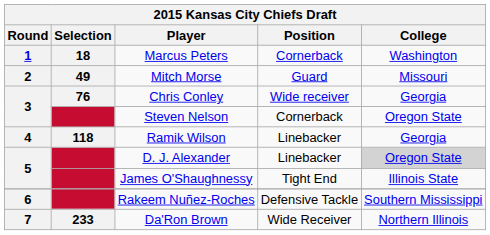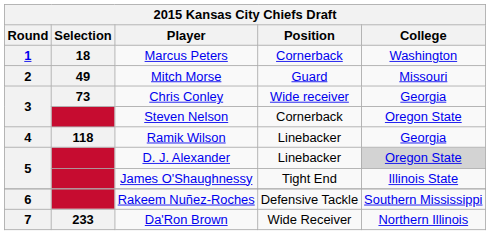 <table class="wikitable" style="font-size: 95%; text-align: center;">
 <tr>
 <th colspan=5>2015 Kansas City Chiefs Draft</th>
 </tr>
 <tr>
 <th>Round</th>
 <th>Selection</th>
 <th>Player</th>
 <th>Position</th>
 <th>College</th>
 </tr>
 <tr>
 <th><a href='#'>1</a></th>
 <th>18</th>
 <td><a href='#'>Marcus Peters</a></td>
 <td><a href='#'>Cornerback</a></td>
 <td><a href='#'>Washington</a></td>
 </tr>
 <tr>
 <th>2</th>
 <th>49</th>
 <td><a href='#'>Mitch Morse</a></td>
 <td><a href='#'>Guard</a></td>
 <td><a href='#'>Missouri</a></td>
 </tr>
 <tr>
 <th rowspan=2>3</th>
-<th>76</th>
+<th>73</th>
 <td><a href='#'>Chris Conley</a></td>
 <td><a href='#'>Wide receiver</a></td>
 <td><a href='#'>Georgia</a></td>
 </tr>
 <tr>
 <th style="background:#c60c30;"></th>
 <td><a href='#'>Steven Nelson</a></td>
 <td>Cornerback</td>
 <td><a href='#'>Oregon State</a></td>
 </tr>
 <tr>
 <th>4</th>
 <th>118</th>
 <td><a href='#'>Ramik Wilson</a></td>
 <td>Linebacker</td>
 <td><a href='#'>Georgia</a></td>
 </tr>
 <tr>
 <th rowspan=2>5</th>
 <th style="background:#c60c30;"></th>
 <td><a href='#'>D. J. Alexander</a></td>
 <td>Linebacker</td>
 <td style="background: lightgrey;"><a href='#'>Oregon State</a></td>
 </tr>
 <tr>
 <th style="background:#c60c30;"></th>
 <td><a href='#'>James O'Shaughnessy</a></td>
 <td>Tight End</td>
 <td><a href='#'>Illinois State</a></td>
 </tr>
 <tr>
 </tr>
 <tr>
 <th>6</th>
 <th style="background:#c60c30;"></th>
 <td><a href='#'>Rakeem Nuñez-Roches</a></td>
 <td>Defensive Tackle</td>
 <td><a href='#'>Southern Mississippi</a></td>
 </tr>
 <tr>
 <th>7</th>
 <th>233</th>
 <td><a href='#'>Da'Ron Brown</a></td>
 <td>Wide Receiver</td>
 <td><a href='#'>Northern Illinois</a></td>
 </tr>
 </table>
